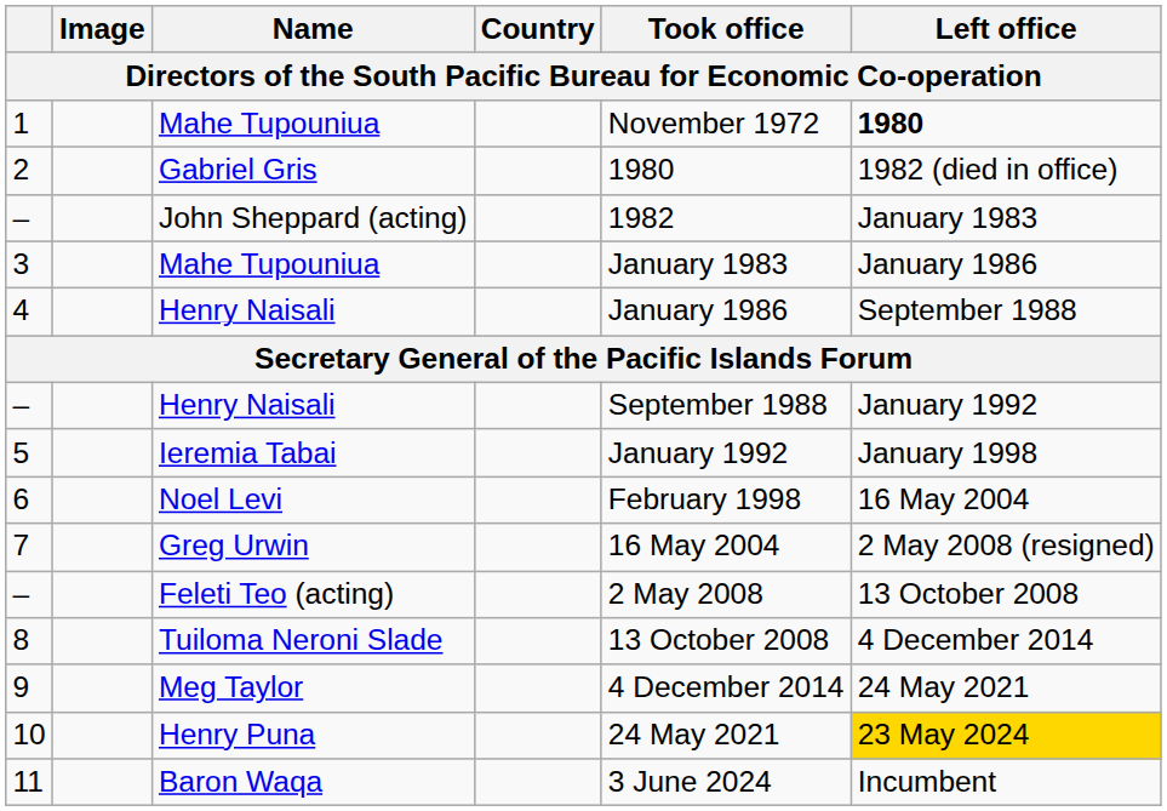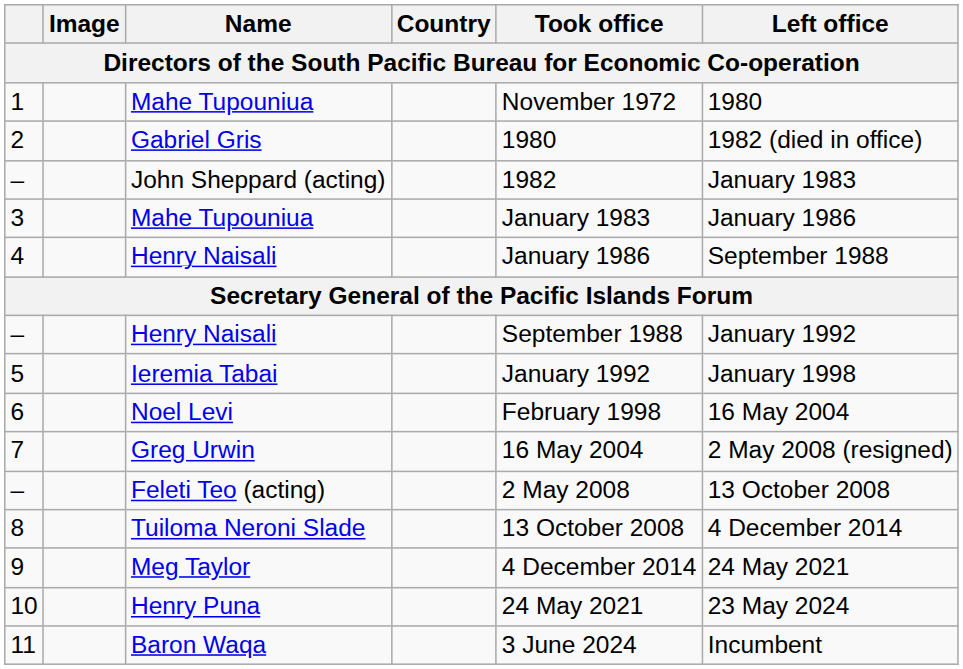 <table class="wikitable">
 <tr>
 <th></th>
 <th>Image</th>
 <th>Name</th>
 <th>Country</th>
 <th>Took office</th>
 <th>Left office</th>
 </tr>
 <tr>
 <th align=center colspan=6>Directors of the South Pacific Bureau for Economic Co-operation</th>
 </tr>
 <tr>
 <td>1</td>
 <td></td>
 <td><a href='#'>Mahe Tupouniua</a></td>
 <td></td>
 <td>November 1972</td>
-<td><strong>1980</strong></td>
+<td>1980</td>
 </tr>
 <tr>
 <td>2</td>
 <td></td>
 <td><a href='#'>Gabriel Gris</a></td>
 <td></td>
 <td>1980</td>
 <td>1982 (died in office)</td>
 </tr>
 <tr>
 <td>–</td>
 <td></td>
 <td>John Sheppard (acting)</td>
 <td></td>
 <td>1982</td>
 <td>January 1983</td>
 </tr>
 <tr>
 <td>3</td>
 <td></td>
 <td><a href='#'>Mahe Tupouniua</a></td>
 <td></td>
 <td>January 1983</td>
 <td>January 1986</td>
 </tr>
 <tr>
 <td>4</td>
 <td></td>
 <td><a href='#'>Henry Naisali</a></td>
 <td></td>
 <td>January 1986</td>
 <td>September 1988</td>
 </tr>
 <tr>
 <th align=center colspan=6>Secretary General of the Pacific Islands Forum</th>
 </tr>
 <tr>
 <td>–</td>
 <td></td>
 <td><a href='#'>Henry Naisali</a></td>
 <td></td>
 <td>September 1988</td>
 <td>January 1992</td>
 </tr>
 <tr>
 <td>5</td>
 <td></td>
 <td><a href='#'>Ieremia Tabai</a></td>
 <td></td>
 <td>January 1992</td>
 <td>January 1998</td>
 </tr>
 <tr>
 <td>6</td>
 <td></td>
 <td><a href='#'>Noel Levi</a></td>
 <td></td>
 <td>February 1998</td>
 <td>16 May 2004</td>
 </tr>
 <tr>
 <td>7</td>
 <td></td>
 <td><a href='#'>Greg Urwin</a></td>
 <td></td>
 <td>16 May 2004</td>
 <td>2 May 2008 (resigned)</td>
 </tr>
 <tr>
 <td>–</td>
 <td></td>
 <td><a href='#'>Feleti Teo</a> (acting)</td>
 <td></td>
 <td>2 May 2008</td>
 <td>13 October 2008</td>
 </tr>
 <tr>
 <td>8</td>
 <td></td>
 <td><a href='#'>Tuiloma Neroni Slade</a></td>
 <td> </td>
 <td>13 October 2008</td>
 <td>4 December 2014</td>
 </tr>
 <tr>
 <td>9</td>
 <td></td>
 <td><a href='#'>Meg Taylor</a></td>
 <td></td>
 <td>4 December 2014</td>
 <td>24 May 2021</td>
 </tr>
 <tr>
 <td>10</td>
 <td></td>
 <td><a href='#'>Henry Puna</a></td>
 <td></td>
 <td>24 May 2021</td>
-<td style="background: gold;">23 May 2024</td>
+<td>23 May 2024</td>
 </tr>
 <tr>
 <td>11</td>
 <td></td>
 <td><a href='#'>Baron Waqa</a></td>
 <td></td>
 <td>3 June 2024</td>
 <td>Incumbent</td>
 </tr>
 </table>
